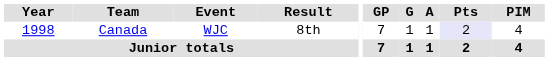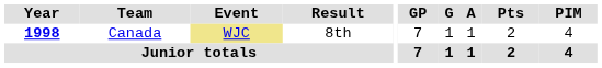 <table border="0" cellpadding="1" cellspacing="0" ID="Table3" style="text-align:center; width:40em">
 <tr ALIGN="center" bgcolor="#e0e0e0">
 <th>Year</th>
 <th>Team</th>
 <th>Event</th>
 <th>Result</th>
 <th rowspan="99" bgcolor="#ffffff"></th>
 <th>GP</th>
 <th>G</th>
 <th>A</th>
 <th>Pts</th>
 <th>PIM</th>
 </tr>
 <tr>
-<td><a href='#'>1998</a></td>
+<td><strong><a href='#'>1998</a></strong></td>
 <td><a href='#'>Canada</a></td>
-<td><a href='#'>WJC</a></td>
+<td style="background: khaki;"><a href='#'>WJC</a></td>
 <td>8th</td>
 <td>7</td>
 <td>1</td>
 <td>1</td>
-<td style="background: lavender;">2</td>
+<td>2</td>
 <td>4</td>
 </tr>
 <tr bgcolor="#e0e0e0">
 <th colspan="4">Junior totals</th>
 <th>7</th>
 <th>1</th>
 <th>1</th>
 <th>2</th>
 <th>4</th>
 </tr>
 </table>
